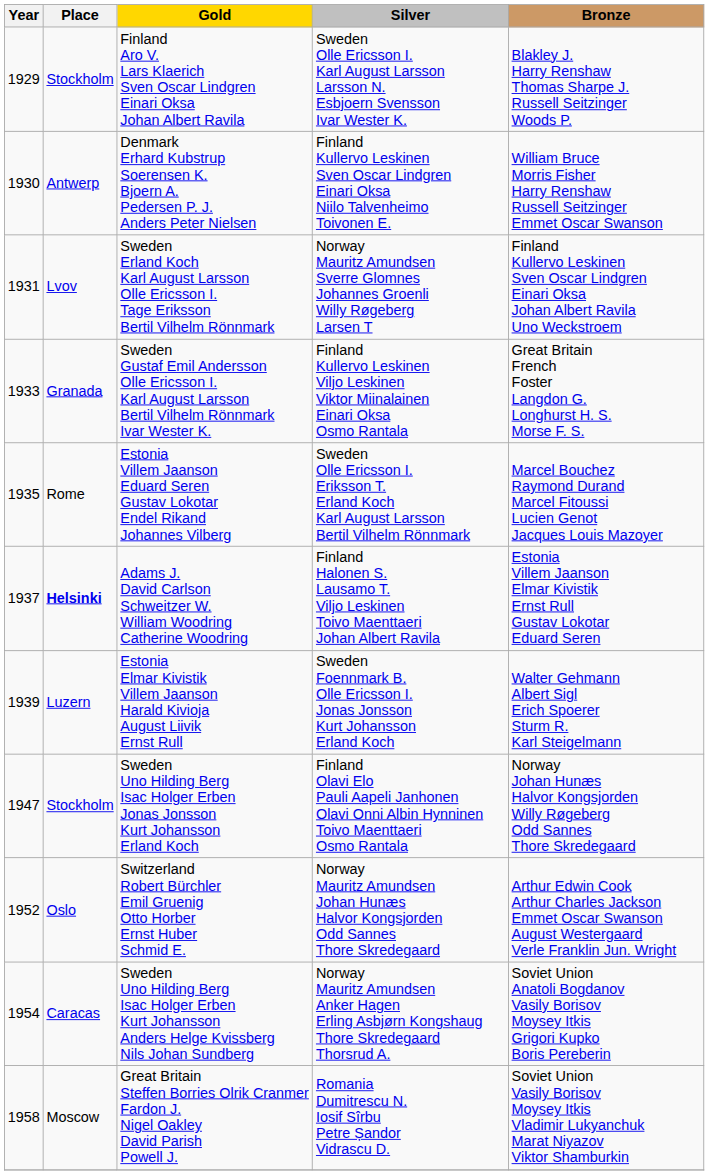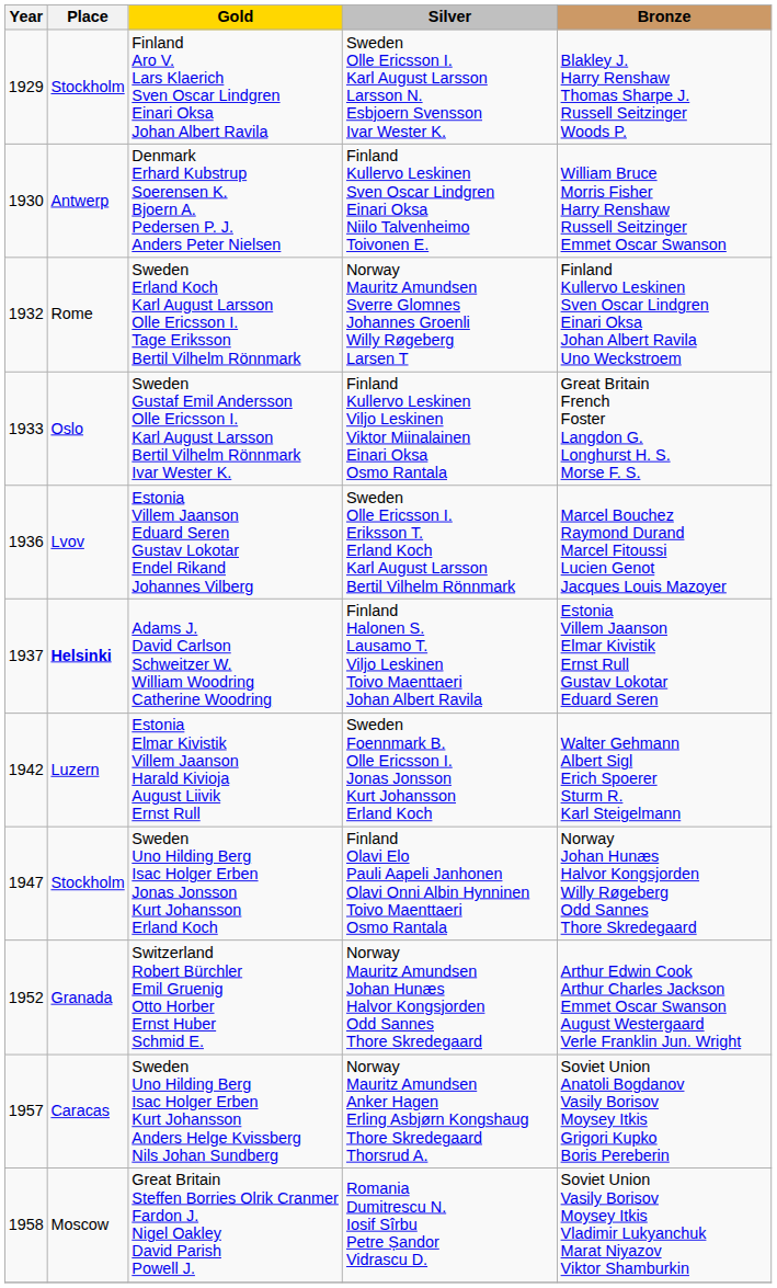 <table class="wikitable">
 <tr>
 <th>Year</th>
 <th>Place</th>
 <th style="background:gold"    width="210">Gold</th>
 <th style="background:silver"  width="210">Silver</th>
 <th style="background:#cc9966" width="210">Bronze</th>
 </tr>
 <tr>
 <td>1929</td>
 <td> <a href='#'>Stockholm</a></td>
 <td> Finland<br><a href='#'>Aro V.</a><br><a href='#'>Lars Klaerich</a><br><a href='#'>Sven Oscar Lindgren</a><br><a href='#'>Einari Oksa</a><br><a href='#'>Johan Albert Ravila</a></td>
 <td> Sweden<br><a href='#'>Olle Ericsson I.</a><br><a href='#'>Karl August Larsson</a><br><a href='#'>Larsson N.</a><br><a href='#'>Esbjoern Svensson</a><br><a href='#'>Ivar Wester K.</a></td>
 <td><br><a href='#'>Blakley J.</a><br><a href='#'>Harry Renshaw</a><br><a href='#'>Thomas Sharpe J.</a><br><a href='#'>Russell Seitzinger</a><br><a href='#'>Woods P.</a></td>
 </tr>
 <tr>
 <td>1930</td>
 <td> <a href='#'>Antwerp</a></td>
 <td> Denmark<br><a href='#'>Erhard Kubstrup</a><br><a href='#'>Soerensen K.</a><br><a href='#'>Bjoern A.</a><br><a href='#'>Pedersen P. J.</a><br><a href='#'>Anders Peter Nielsen</a></td>
 <td> Finland<br><a href='#'>Kullervo Leskinen</a><br><a href='#'>Sven Oscar Lindgren</a><br><a href='#'>Einari Oksa</a><br><a href='#'>Niilo Talvenheimo</a><br><a href='#'>Toivonen E.</a></td>
 <td><br><a href='#'>William Bruce</a><br><a href='#'>Morris Fisher</a><br><a href='#'>Harry Renshaw</a><br><a href='#'>Russell Seitzinger</a><br><a href='#'>Emmet Oscar Swanson</a></td>
 </tr>
 <tr>
-<td>1931</td>
-<td> <a href='#'>Lvov</a></td>
+<td>1932</td>
+<td> Rome</td>
 <td> Sweden<br><a href='#'>Erland Koch</a><br><a href='#'>Karl August Larsson</a><br><a href='#'>Olle Ericsson I.</a><br><a href='#'>Tage Eriksson</a><br><a href='#'>Bertil Vilhelm Rönnmark</a></td>
 <td> Norway<br><a href='#'>Mauritz Amundsen</a><br><a href='#'>Sverre Glomnes</a><br><a href='#'>Johannes Groenli</a><br><a href='#'>Willy Røgeberg</a><br><a href='#'>Larsen T</a></td>
 <td> Finland<br><a href='#'>Kullervo Leskinen</a><br><a href='#'>Sven Oscar Lindgren</a><br><a href='#'>Einari Oksa</a><br><a href='#'>Johan Albert Ravila</a><br><a href='#'>Uno Weckstroem</a></td>
 </tr>
 <tr>
 <td>1933</td>
-<td> <a href='#'>Granada</a></td>
+<td> <a href='#'>Oslo</a></td>
 <td> Sweden<br><a href='#'>Gustaf Emil Andersson</a><br><a href='#'>Olle Ericsson I.</a><br><a href='#'>Karl August Larsson</a><br><a href='#'>Bertil Vilhelm Rönnmark</a><br><a href='#'>Ivar Wester K.</a></td>
 <td> Finland<br><a href='#'>Kullervo Leskinen</a><br><a href='#'>Viljo Leskinen</a><br><a href='#'>Viktor Miinalainen</a><br><a href='#'>Einari Oksa</a><br><a href='#'>Osmo Rantala</a></td>
 <td> Great Britain<br>French<br>Foster<br><a href='#'>Langdon G.</a><br><a href='#'>Longhurst H. S.</a><br><a href='#'>Morse F. S.</a></td>
 </tr>
 <tr>
-<td>1935</td>
-<td> Rome</td>
+<td>1936</td>
+<td> <a href='#'>Lvov</a></td>
 <td> <a href='#'>Estonia</a><br><a href='#'>Villem Jaanson</a><br><a href='#'>Eduard Seren</a><br><a href='#'>Gustav Lokotar</a><br><a href='#'>Endel Rikand</a><br><a href='#'>Johannes Vilberg</a></td>
 <td> Sweden<br><a href='#'>Olle Ericsson I.</a><br><a href='#'>Eriksson T.</a><br><a href='#'>Erland Koch</a><br><a href='#'>Karl August Larsson</a><br><a href='#'>Bertil Vilhelm Rönnmark</a></td>
 <td><br><a href='#'>Marcel Bouchez</a><br><a href='#'>Raymond Durand</a><br><a href='#'>Marcel Fitoussi</a><br><a href='#'>Lucien Genot</a><br><a href='#'>Jacques Louis Mazoyer</a></td>
 </tr>
 <tr>
 <td>1937</td>
 <td><strong> <a href='#'>Helsinki</a></strong></td>
 <td><br><a href='#'>Adams J.</a><br><a href='#'>David Carlson</a><br><a href='#'>Schweitzer W.</a><br><a href='#'>William Woodring</a><br><a href='#'>Catherine Woodring</a></td>
 <td> Finland<br><a href='#'>Halonen S.</a><br><a href='#'>Lausamo T.</a><br><a href='#'>Viljo Leskinen</a><br><a href='#'>Toivo Maenttaeri</a><br><a href='#'>Johan Albert Ravila</a></td>
 <td> <a href='#'>Estonia</a><br><a href='#'>Villem Jaanson</a><br><a href='#'>Elmar Kivistik</a><br><a href='#'>Ernst Rull</a><br><a href='#'>Gustav Lokotar</a><br><a href='#'>Eduard Seren</a></td>
 </tr>
 <tr>
-<td>1939</td>
+<td>1942</td>
 <td> <a href='#'>Luzern</a></td>
 <td> <a href='#'>Estonia</a><br><a href='#'>Elmar Kivistik</a><br><a href='#'>Villem Jaanson</a><br><a href='#'>Harald Kivioja</a><br><a href='#'>August Liivik</a><br><a href='#'>Ernst Rull</a></td>
 <td> Sweden<br><a href='#'>Foennmark B.</a><br><a href='#'>Olle Ericsson I.</a><br><a href='#'>Jonas Jonsson</a><br><a href='#'>Kurt Johansson</a><br><a href='#'>Erland Koch</a></td>
 <td><br><a href='#'>Walter Gehmann</a><br><a href='#'>Albert Sigl</a><br><a href='#'>Erich Spoerer</a><br><a href='#'>Sturm R.</a><br><a href='#'>Karl Steigelmann</a></td>
 </tr>
 <tr>
 <td>1947</td>
 <td> <a href='#'>Stockholm</a></td>
 <td> Sweden<br><a href='#'>Uno Hilding Berg</a><br><a href='#'>Isac Holger Erben</a><br><a href='#'>Jonas Jonsson</a><br><a href='#'>Kurt Johansson</a><br><a href='#'>Erland Koch</a></td>
 <td> Finland<br><a href='#'>Olavi Elo</a><br><a href='#'>Pauli Aapeli Janhonen</a><br><a href='#'>Olavi Onni Albin Hynninen</a><br><a href='#'>Toivo Maenttaeri</a><br><a href='#'>Osmo Rantala</a></td>
 <td> Norway<br><a href='#'>Johan Hunæs</a><br><a href='#'>Halvor Kongsjorden</a><br><a href='#'>Willy Røgeberg</a><br><a href='#'>Odd Sannes</a><br><a href='#'>Thore Skredegaard</a></td>
 </tr>
 <tr>
 <td>1952</td>
-<td> <a href='#'>Oslo</a></td>
+<td> <a href='#'>Granada</a></td>
 <td> Switzerland<br><a href='#'>Robert Bürchler</a><br><a href='#'>Emil Gruenig</a><br><a href='#'>Otto Horber</a><br><a href='#'>Ernst Huber</a><br><a href='#'>Schmid E.</a></td>
 <td> Norway<br><a href='#'>Mauritz Amundsen</a><br><a href='#'>Johan Hunæs</a><br><a href='#'>Halvor Kongsjorden</a><br><a href='#'>Odd Sannes</a><br><a href='#'>Thore Skredegaard</a></td>
 <td><br><a href='#'>Arthur Edwin Cook</a><br><a href='#'>Arthur Charles Jackson</a><br><a href='#'>Emmet Oscar Swanson</a><br><a href='#'>August Westergaard</a><br><a href='#'>Verle Franklin Jun. Wright</a></td>
 </tr>
 <tr>
-<td>1954</td>
+<td>1957</td>
 <td> <a href='#'>Caracas</a></td>
 <td> Sweden<br><a href='#'>Uno Hilding Berg</a><br><a href='#'>Isac Holger Erben</a><br><a href='#'>Kurt Johansson</a><br><a href='#'>Anders Helge Kvissberg</a><br><a href='#'>Nils Johan Sundberg</a></td>
 <td> Norway<br><a href='#'>Mauritz Amundsen</a><br><a href='#'>Anker Hagen</a><br><a href='#'>Erling Asbjørn Kongshaug</a><br><a href='#'>Thore Skredegaard</a><br><a href='#'>Thorsrud A.</a></td>
 <td> Soviet Union<br><a href='#'>Anatoli Bogdanov</a><br><a href='#'>Vasily Borisov</a><br><a href='#'>Moysey Itkis</a><br><a href='#'>Grigori Kupko</a><br><a href='#'>Boris Pereberin</a></td>
 </tr>
 <tr>
 <td>1958</td>
 <td> Moscow</td>
 <td> Great Britain<br><a href='#'>Steffen Borries Olrik Cranmer</a><br><a href='#'>Fardon J.</a><br><a href='#'>Nigel Oakley</a><br><a href='#'>David Parish</a><br><a href='#'>Powell J.</a></td>
 <td> <a href='#'>Romania</a><br><a href='#'>Dumitrescu N.</a><br><a href='#'>Iosif Sîrbu</a><br><a href='#'>Petre Șandor</a><br><a href='#'>Vidrascu D.</a></td>
 <td> Soviet Union<br><a href='#'>Vasily Borisov</a><br><a href='#'>Moysey Itkis</a><br><a href='#'>Vladimir Lukyanchuk</a><br><a href='#'>Marat Niyazov</a><br><a href='#'>Viktor Shamburkin</a></td>
 </tr>
 <tr>
 </tr>
 </table>
